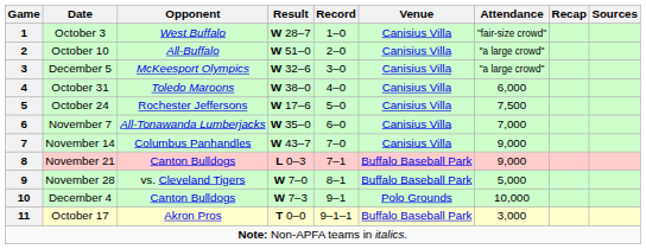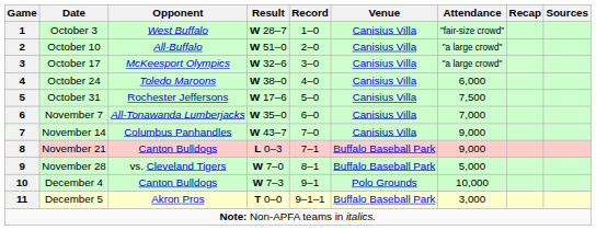 <table class="wikitable" style="text-align:center">
 <tr>
 <th>Game</th>
 <th>Date</th>
 <th>Opponent</th>
 <th>Result</th>
 <th>Record</th>
 <th>Venue</th>
 <th>Attendance</th>
 <th>Recap</th>
 <th>Sources</th>
 </tr>
 <tr style="background:#cfc">
 <th>1</th>
 <td>October 3</td>
 <td><em><a href='#'>West Buffalo</a></em></td>
 <td><strong>W</strong> 28–7</td>
 <td>1–0</td>
 <td><a href='#'>Canisius Villa</a></td>
 <td><small>"fair-size crowd"</small></td>
 <td></td>
 <td></td>
 </tr>
 <tr style="background:#cfc">
 <th>2</th>
 <td>October 10</td>
 <td><em><a href='#'>All-Buffalo</a></em></td>
 <td><strong>W</strong> 51–0</td>
 <td>2–0</td>
 <td><a href='#'>Canisius Villa</a></td>
 <td><small>"a large crowd"</small></td>
 <td></td>
 <td></td>
 </tr>
 <tr style="background:#cfc">
 <th>3</th>
-<td>December 5</td>
+<td>October 17</td>
 <td><em><a href='#'>McKeesport Olympics</a></em></td>
 <td><strong>W</strong> 32–6</td>
 <td>3–0</td>
 <td><a href='#'>Canisius Villa</a></td>
 <td><small>"a large crowd"</small></td>
 <td></td>
 <td></td>
 </tr>
 <tr style="background:#cfc">
 <th>4</th>
-<td>October 31</td>
+<td>October 24</td>
 <td><em><a href='#'>Toledo Maroons</a></em></td>
 <td><strong>W</strong> 38–0</td>
 <td>4–0</td>
 <td><a href='#'>Canisius Villa</a></td>
 <td>6,000</td>
 <td></td>
 <td></td>
 </tr>
 <tr style="background:#cfc">
 <th>5</th>
-<td>October 24</td>
+<td>October 31</td>
 <td><a href='#'>Rochester Jeffersons</a></td>
 <td><strong>W</strong> 17–6</td>
 <td>5–0</td>
 <td><a href='#'>Canisius Villa</a></td>
 <td>7,500</td>
 <td></td>
 <td></td>
 </tr>
 <tr style="background:#cfc">
 <th>6</th>
 <td>November 7</td>
 <td><em><a href='#'>All-Tonawanda Lumberjacks</a></em></td>
 <td><strong>W</strong> 35–0</td>
 <td>6–0</td>
 <td><a href='#'>Canisius Villa</a></td>
 <td>7,000</td>
 <td></td>
 <td></td>
 </tr>
 <tr style="background:#cfc">
 <th>7</th>
 <td>November 14</td>
 <td><a href='#'>Columbus Panhandles</a></td>
 <td><strong>W</strong> 43–7</td>
 <td>7–0</td>
 <td><a href='#'>Canisius Villa</a></td>
 <td>9,000</td>
 <td></td>
 <td></td>
 </tr>
 <tr style="background:#fcc">
 <th>8</th>
 <td>November 21</td>
 <td><a href='#'>Canton Bulldogs</a></td>
 <td><strong>L</strong> 0–3</td>
 <td>7–1</td>
 <td><a href='#'>Buffalo Baseball Park</a></td>
 <td>9,000</td>
 <td></td>
 <td></td>
 </tr>
 <tr style="background:#cfc">
 <th>9</th>
 <td>November 28</td>
 <td>vs. <a href='#'>Cleveland Tigers</a></td>
 <td><strong>W</strong> 7–0</td>
 <td>8–1</td>
 <td><a href='#'>Buffalo Baseball Park</a></td>
 <td>5,000</td>
 <td></td>
 <td></td>
 </tr>
 <tr style="background:#cfc">
 <th>10</th>
 <td>December 4</td>
 <td><a href='#'>Canton Bulldogs</a></td>
 <td><strong>W</strong> 7–3</td>
 <td>9–1</td>
 <td><a href='#'>Polo Grounds</a></td>
 <td>10,000</td>
 <td></td>
 <td></td>
 </tr>
 <tr style="background:#ffc">
 <th>11</th>
-<td>October 17</td>
+<td>December 5</td>
 <td><a href='#'>Akron Pros</a></td>
 <td><strong>T</strong> 0–0</td>
 <td>9–1–1</td>
 <td><a href='#'>Buffalo Baseball Park</a></td>
 <td>3,000</td>
 <td></td>
 <td></td>
 </tr>
 <tr>
 <td colspan="10"><strong>Note:</strong> Non-APFA teams in <em>italics.</em></td>
 </tr>
 </table>
